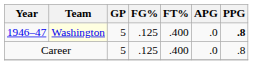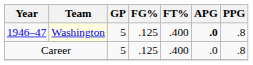 <table class="wikitable sortable" style="font-size:95%; text-align:right;">
 <tr>
 <th>Year</th>
 <th>Team</th>
 <th>GP</th>
 <th>FG%</th>
 <th>FT%</th>
 <th>APG</th>
 <th>PPG</th>
 </tr>
 <tr>
 <td style="text-align:left;"><a href='#'>1946–47</a></td>
 <td style="background: lightyellow; text-align:left;"><a href='#'>Washington</a></td>
 <td>5</td>
 <td>.125</td>
 <td>.400</td>
-<td>.0</td>
-<td><strong>.8</strong></td>
+<td><strong>.0</strong></td>
+<td>.8</td>
 </tr>
 <tr>
 <td style="text-align:center;" colspan="2">Career</td>
 <td>5</td>
 <td>.125</td>
 <td>.400</td>
 <td>.0</td>
 <td>.8</td>
 </tr>
 <tr>
 </tr>
 </table>
